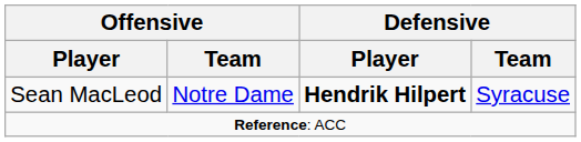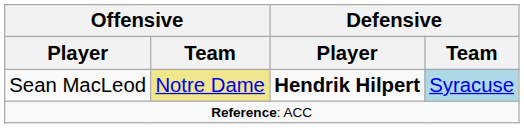 <table class="wikitable">
 <tr>
 <th colspan="2">Offensive</th>
 <th colspan="2">Defensive</th>
 </tr>
 <tr>
 <th>Player</th>
 <th>Team</th>
 <th>Player</th>
 <th>Team</th>
 </tr>
 <tr>
 <td>Sean MacLeod</td>
-<td><a href='#'>Notre Dame</a></td>
+<td style="background: khaki;"><a href='#'>Notre Dame</a></td>
 <td><strong>Hendrik Hilpert</strong></td>
-<td><a href='#'>Syracuse</a></td>
+<td style="background: lightblue;"><a href='#'>Syracuse</a></td>
 </tr>
 <tr>
 <td colspan="12"  style="font-size:8pt; text-align:center;"><strong>Reference</strong>: ACC</td>
 </tr>
 </table>
